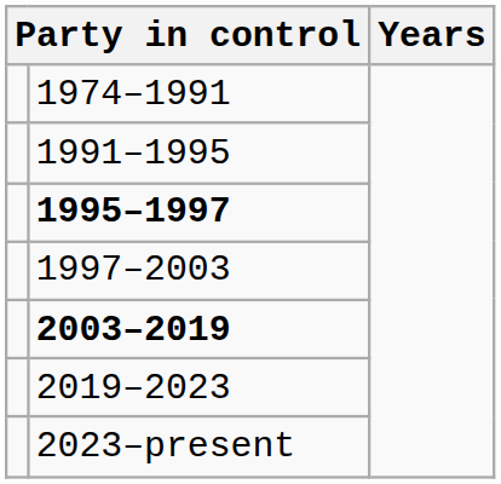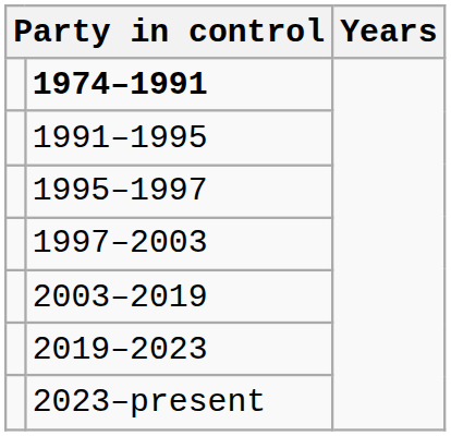 <table class="wikitable">
 <tr>
 <th colspan=2>Party in control</th>
 <th>Years</th>
 </tr>
 <tr>
 <td></td>
-<td>1974–1991</td>
+<td><strong>1974–1991</strong></td>
 </tr>
 <tr>
 <td></td>
 <td>1991–1995</td>
 </tr>
 <tr>
 <td></td>
-<td><strong>1995–1997</strong></td>
+<td>1995–1997</td>
 </tr>
 <tr>
 <td></td>
 <td>1997–2003</td>
 </tr>
 <tr>
 <td></td>
-<td><strong>2003–2019</strong></td>
+<td>2003–2019</td>
 </tr>
 <tr>
 <td></td>
 <td>2019–2023</td>
 </tr>
 <tr>
 <td></td>
 <td>2023–present</td>
 </tr>
 </table>
